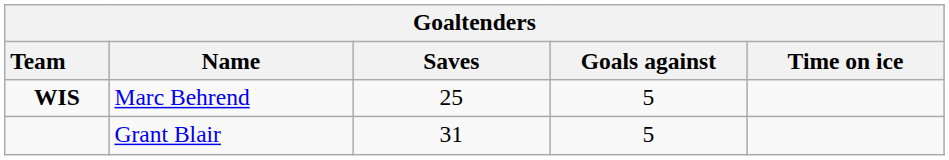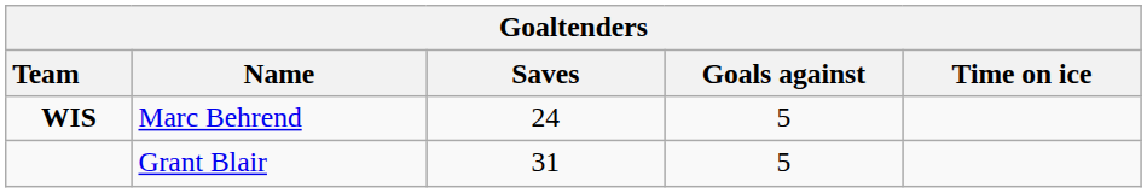 <table class="wikitable" style="width:40em; text-align:right;">
 <tr>
 <th colspan=5>Goaltenders</th>
 </tr>
 <tr>
 <th style="width:4em; text-align:left;">Team</th>
 <th style="width:10em;">Name</th>
 <th style="width:8em;">Saves</th>
 <th style="width:8em;">Goals against</th>
 <th style="width:8em;">Time on ice</th>
 </tr>
 <tr>
 <td align=center><strong>WIS</strong></td>
 <td style="text-align:left;"><a href='#'>Marc Behrend</a></td>
-<td align=center>25</td>
+<td align=center>24</td>
 <td align=center>5</td>
 <td align=center></td>
 </tr>
 <tr>
 <td style="text-align:center; "><strong></strong></td>
 <td style="text-align:left;"><a href='#'>Grant Blair</a></td>
 <td align=center>31</td>
 <td align=center>5</td>
 <td align=center></td>
 </tr>
 </table>
